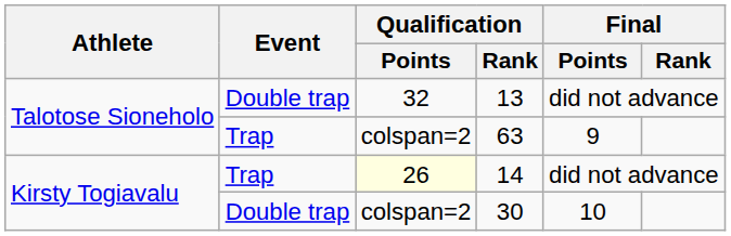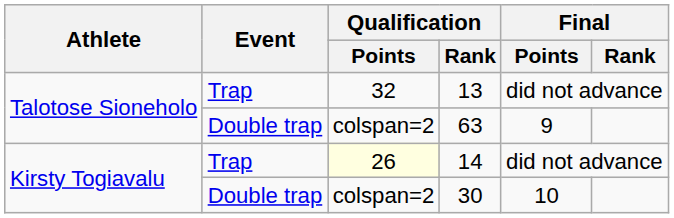 <table class="wikitable" style="font-size:90%">
 <tr>
 <th rowspan=2>Athlete</th>
 <th rowspan=2>Event</th>
 <th colspan=2>Qualification</th>
 <th colspan=2>Final</th>
 </tr>
 <tr style="font-size:95%">
 <th>Points</th>
 <th>Rank</th>
 <th>Points</th>
 <th>Rank</th>
 </tr>
 <tr align=center>
 <td align=left rowspan=2><a href='#'>Talotose Sioneholo</a></td>
-<td align=left><a href='#'>Double trap</a></td>
+<td align=left><a href='#'>Trap</a></td>
 <td>32</td>
 <td>13</td>
 <td colspan=2>did not advance</td>
 </tr>
 <tr align=center>
-<td align=left><a href='#'>Trap</a></td>
+<td align=left><a href='#'>Double trap</a></td>
 <td>colspan=2 </td>
 <td>63</td>
 <td>9</td>
 </tr>
 <tr align=center>
 <td align=left rowspan=2><a href='#'>Kirsty Togiavalu</a></td>
 <td align=left><a href='#'>Trap</a></td>
 <td style="background: lightyellow;">26</td>
 <td>14</td>
 <td colspan=2>did not advance</td>
 </tr>
 <tr align=center>
 <td align=left><a href='#'>Double trap</a></td>
 <td>colspan=2 </td>
 <td>30</td>
 <td>10</td>
 </tr>
 </table>
